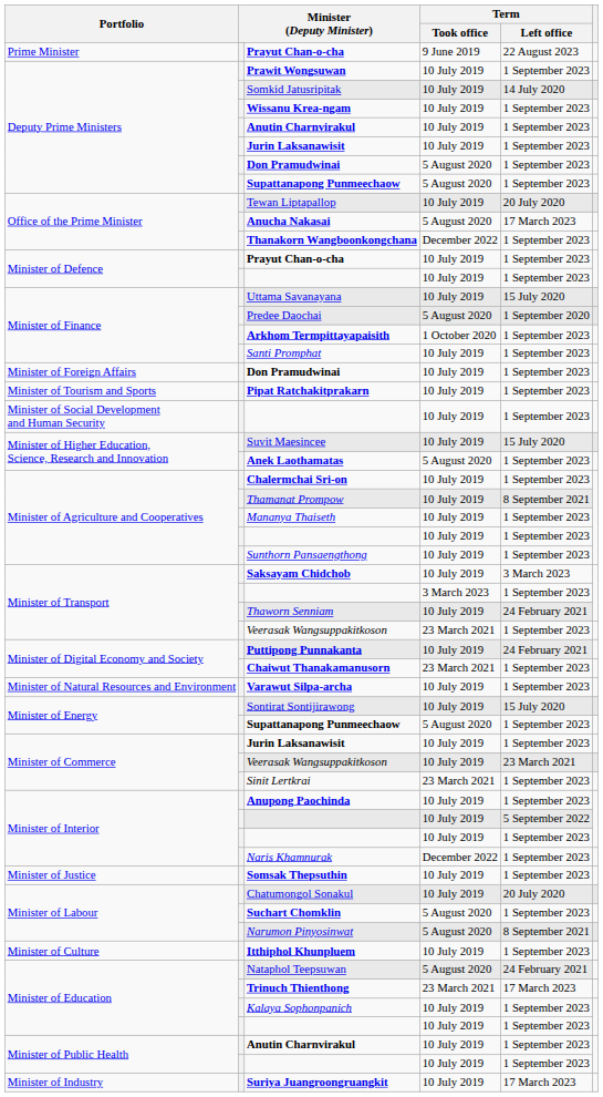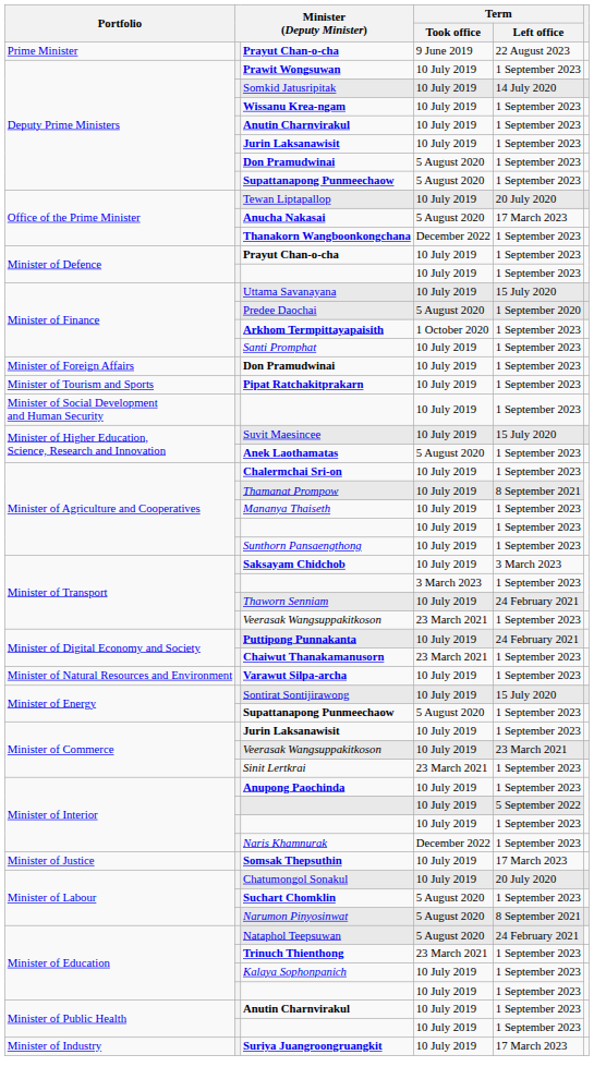 <table class="wikitable">
 <tr>
 <th rowspan="2">Portfolio</th>
 <th rowspan="2" colspan="2">Minister<br>(<em>Deputy Minister</em>)</th>
 <th colspan="2">Term</th>
 <th rowspan="2"></th>
 </tr>
 <tr>
 <th>Took office</th>
 <th>Left office</th>
 </tr>
 <tr>
 <td><a href='#'>Prime Minister</a></td>
 <th style="background-color: "></th>
 <td><strong><a href='#'>Prayut Chan-o-cha</a></strong></td>
 <td>9 June 2019</td>
 <td>22 August 2023 </td>
 <td style="text-align: center;"></td>
 </tr>
 <tr>
 <td rowspan="7"><a href='#'>Deputy Prime Ministers</a></td>
 <th style="background-color: "></th>
 <td><strong><a href='#'>Prawit Wongsuwan</a></strong></td>
 <td>10 July 2019</td>
 <td>1 September 2023</td>
 <td style="text-align: center;"></td>
 </tr>
 <tr>
 <th style="background-color: "></th>
 <td style="background-color: #E9E9E9"><a href='#'>Somkid Jatusripitak</a></td>
 <td style="background-color: #E9E9E9">10 July 2019</td>
 <td style="background-color: #E9E9E9">14 July 2020</td>
 <td style="background-color: #E9E9E9; text-align: center;"></td>
 </tr>
 <tr>
 <th style="background-color: "></th>
 <td><strong><a href='#'>Wissanu Krea-ngam</a></strong></td>
 <td>10 July 2019</td>
 <td>1 September 2023</td>
 <td style="text-align: center;"></td>
 </tr>
 <tr>
 <th style="background-color: "></th>
 <td><strong><a href='#'>Anutin Charnvirakul</a></strong></td>
 <td>10 July 2019</td>
 <td>1 September 2023</td>
 <td style="text-align: center;"></td>
 </tr>
 <tr>
 <th style="background-color: "></th>
 <td><strong><a href='#'>Jurin Laksanawisit</a></strong></td>
 <td>10 July 2019</td>
 <td>1 September 2023</td>
 <td style="text-align: center;"></td>
 </tr>
 <tr>
 <th style="background-color: "></th>
 <td><strong><a href='#'>Don Pramudwinai</a></strong></td>
 <td>5 August 2020</td>
 <td>1 September 2023</td>
 <td style="text-align: center;"></td>
 </tr>
 <tr>
 <th style="background-color: "></th>
 <td><strong><a href='#'>Supattanapong Punmeechaow</a></strong></td>
 <td>5 August 2020</td>
 <td>1 September 2023</td>
 <td style="text-align: center;"></td>
 </tr>
 <tr>
 <td rowspan="3"><a href='#'>Office of the Prime Minister</a></td>
 <th style="background-color: "></th>
 <td style="background-color: #E9E9E9"><a href='#'>Tewan Liptapallop</a></td>
 <td style="background-color: #E9E9E9">10 July 2019</td>
 <td style="background-color: #E9E9E9">20 July 2020</td>
 <td style="background-color: #E9E9E9; text-align: center;"></td>
 </tr>
 <tr>
 <th style="background-color: "></th>
 <td><strong><a href='#'>Anucha Nakasai</a></strong></td>
 <td>5 August 2020</td>
 <td>17 March 2023</td>
 <td style="text-align: center;"></td>
 </tr>
 <tr>
 <th style="background-color: "></th>
 <td><strong><a href='#'>Thanakorn Wangboonkongchana</a></strong></td>
 <td>December 2022</td>
 <td>1 September 2023</td>
 <td style="text-align: center;"></td>
 </tr>
 <tr>
 <td rowspan="2"><a href='#'>Minister of Defence</a></td>
 <th style="background-color: "></th>
 <td><strong>Prayut Chan-o-cha</strong></td>
 <td>10 July 2019</td>
 <td>1 September 2023</td>
 <td rowspan="2" style="text-align: center;"></td>
 </tr>
 <tr>
 <th style="background-color: "></th>
 <td><em></em></td>
 <td>10 July 2019</td>
 <td>1 September 2023</td>
 </tr>
 <tr>
 <td rowspan="4"><a href='#'>Minister of Finance</a></td>
 <th style="background-color: "></th>
 <td style="background-color: #E9E9E9"><a href='#'>Uttama Savanayana</a></td>
 <td style="background-color: #E9E9E9">10 July 2019</td>
 <td style="background-color: #E9E9E9">15 July 2020</td>
 <td style="background-color: #E9E9E9; text-align: center;"></td>
 </tr>
 <tr>
 <th style="background-color: "></th>
 <td style="background-color: #E9E9E9"><a href='#'>Predee Daochai</a></td>
 <td style="background-color: #E9E9E9">5 August 2020</td>
 <td style="background-color: #E9E9E9">1 September 2020</td>
 <td style="background-color: #E9E9E9; text-align: center;"></td>
 </tr>
 <tr>
 <th style="background-color: "></th>
 <td><strong><a href='#'>Arkhom Termpittayapaisith</a></strong></td>
 <td>1 October 2020</td>
 <td>1 September 2023</td>
 <td style="text-align: center;"></td>
 </tr>
 <tr>
 <th style="background-color: "></th>
 <td><em><a href='#'>Santi Promphat</a></em></td>
 <td>10 July 2019</td>
 <td>1 September 2023</td>
 <td style="text-align: center;"></td>
 </tr>
 <tr>
 <td><a href='#'>Minister of Foreign Affairs</a></td>
 <th style="background-color: "></th>
 <td><strong>Don Pramudwinai</strong></td>
 <td>10 July 2019</td>
 <td>1 September 2023</td>
 <td style="text-align: center;"></td>
 </tr>
 <tr>
 <td><a href='#'>Minister of Tourism and Sports</a></td>
 <th style="background-color: "></th>
 <td><strong><a href='#'>Pipat Ratchakitprakarn</a></strong></td>
 <td>10 July 2019</td>
 <td>1 September 2023</td>
 <td style="text-align: center;"></td>
 </tr>
 <tr>
 <td><a href='#'>Minister of Social Development<br>and Human Security</a></td>
 <th style="background-color: "></th>
 <td><strong></strong></td>
 <td>10 July 2019</td>
 <td>1 September 2023</td>
 <td style="text-align: center;"></td>
 </tr>
 <tr>
 <td rowspan="2"><a href='#'>Minister of Higher Education,<br>Science, Research and Innovation</a></td>
 <th style="background-color: "></th>
 <td style="background-color: #E9E9E9"><a href='#'>Suvit Maesincee</a></td>
 <td style="background-color: #E9E9E9">10 July 2019</td>
 <td style="background-color: #E9E9E9">15 July 2020</td>
 <td style="background-color: #E9E9E9; text-align: center;"></td>
 </tr>
 <tr>
 <th style="background-color: "></th>
 <td><strong><a href='#'>Anek Laothamatas</a></strong></td>
 <td>5 August 2020</td>
 <td>1 September 2023</td>
 <td style="text-align: center;"></td>
 </tr>
 <tr>
 <td rowspan="5"><a href='#'>Minister of Agriculture and Cooperatives</a></td>
 <th style="background-color: "></th>
 <td><strong><a href='#'>Chalermchai Sri-on</a></strong></td>
 <td>10 July 2019</td>
 <td>1 September 2023</td>
 <td rowspan="5" style="text-align: center;"></td>
 </tr>
 <tr>
 <th style="background-color: "></th>
 <td style="background-color: #E9E9E9"><em><a href='#'>Thamanat Prompow</a></em></td>
 <td style="background-color: #E9E9E9">10 July 2019</td>
 <td style="background-color: #E9E9E9">8 September 2021</td>
 </tr>
 <tr>
 <th style="background-color: "></th>
 <td><em><a href='#'>Mananya Thaiseth</a></em></td>
 <td>10 July 2019</td>
 <td>1 September 2023</td>
 </tr>
 <tr>
 <th style="background-color: "></th>
 <td><em></em></td>
 <td>10 July 2019</td>
 <td>1 September 2023</td>
 </tr>
 <tr>
 <th style="background-color: "></th>
 <td><em><a href='#'>Sunthorn Pansaengthong</a></em></td>
 <td>10 July 2019</td>
 <td>1 September 2023</td>
 </tr>
 <tr>
 <td rowspan="4"><a href='#'>Minister of Transport</a></td>
 <th style="background-color: "></th>
 <td><strong><a href='#'>Saksayam Chidchob</a></strong></td>
 <td>10 July 2019</td>
 <td>3 March 2023</td>
 <td rowspan="3" style="text-align: center;"></td>
 </tr>
 <tr>
 <th style="background-color: "></th>
 <td><em></em></td>
 <td>3 March 2023</td>
 <td>1 September 2023</td>
 </tr>
 <tr>
 <th style="background-color: "></th>
 <td style="background-color: #E9E9E9"><em><a href='#'>Thaworn Senniam</a></em></td>
 <td style="background-color: #E9E9E9">10 July 2019</td>
 <td style="background-color: #E9E9E9">24 February 2021</td>
 </tr>
 <tr>
 <th style="background-color: "></th>
 <td><em>Veerasak Wangsuppakitkoson</em></td>
 <td>23 March 2021</td>
 <td>1 September 2023</td>
 <td style="text-align: center;"></td>
 </tr>
 <tr>
 <td rowspan="2"><a href='#'>Minister of Digital Economy and Society</a></td>
 <th style="background-color: "></th>
 <td style="background-color: #E9E9E9"><strong><a href='#'>Puttipong Punnakanta</a></strong></td>
 <td style="background-color: #E9E9E9">10 July 2019</td>
 <td style="background-color: #E9E9E9">24 February 2021</td>
 <td style="text-align: center;"></td>
 </tr>
 <tr>
 <th style="background-color: "></th>
 <td><strong><a href='#'>Chaiwut Thanakamanusorn</a></strong></td>
 <td>23 March 2021</td>
 <td>1 September 2023</td>
 <td style="text-align: center;"></td>
 </tr>
 <tr>
 <td><a href='#'>Minister of Natural Resources and Environment</a></td>
 <th style="background-color: "></th>
 <td><strong><a href='#'>Varawut Silpa-archa</a></strong></td>
 <td>10 July 2019</td>
 <td>1 September 2023</td>
 <td style="text-align: center;"></td>
 </tr>
 <tr>
 <td rowspan="2"><a href='#'>Minister of Energy</a></td>
 <th style="background-color: "></th>
 <td style="background-color: #E9E9E9"><a href='#'>Sontirat Sontijirawong</a></td>
 <td style="background-color: #E9E9E9">10 July 2019</td>
 <td style="background-color: #E9E9E9">15 July 2020</td>
 <td style="background-color: #E9E9E9; text-align: center;"></td>
 </tr>
 <tr>
 <th style="background-color: "></th>
 <td><strong>Supattanapong Punmeechaow</strong></td>
 <td>5 August 2020</td>
 <td>1 September 2023</td>
 <td style="text-align: center;"></td>
 </tr>
 <tr>
 <td rowspan="3"><a href='#'>Minister of Commerce</a></td>
 <th style="background-color: "></th>
 <td><strong>Jurin Laksanawisit</strong></td>
 <td>10 July 2019</td>
 <td>1 September 2023</td>
 <td rowspan="1" style="text-align: center;"></td>
 </tr>
 <tr>
 <th style="background-color: "></th>
 <td style="background-color: #E9E9E9"><em>Veerasak Wangsuppakitkoson</em></td>
 <td style="background-color: #E9E9E9">10 July 2019</td>
 <td style="background-color: #E9E9E9">23 March 2021</td>
 <td style="background-color: #E9E9E9" style="text-align: center;"></td>
 </tr>
 <tr>
 <th style="background-color: "></th>
 <td><em>Sinit Lertkrai</em></td>
 <td>23 March 2021</td>
 <td>1 September 2023</td>
 <td style="text-align: center;"></td>
 </tr>
 <tr>
 <td rowspan="4"><a href='#'>Minister of Interior</a></td>
 <th style="background-color: "></th>
 <td><strong><a href='#'>Anupong Paochinda</a></strong></td>
 <td>10 July 2019</td>
 <td>1 September 2023</td>
 <td rowspan="3" style="text-align: center;"></td>
 </tr>
 <tr>
 <th style="background-color: "></th>
 <td style="background-color: #E9E9E9"><em></em></td>
 <td style="background-color: #E9E9E9">10 July 2019</td>
 <td style="background-color: #E9E9E9">5 September 2022</td>
 </tr>
 <tr>
 <th style="background-color: "></th>
 <td><em></em></td>
 <td>10 July 2019</td>
 <td>1 September 2023</td>
 </tr>
 <tr>
 <th style="background-color: "></th>
 <td><em><a href='#'>Naris Khamnurak</a></em></td>
 <td>December 2022</td>
 <td>1 September 2023</td>
 <td></td>
 </tr>
 <tr>
 <td><a href='#'>Minister of Justice</a></td>
 <th style="background-color: "></th>
 <td><strong><a href='#'>Somsak Thepsuthin</a></strong></td>
 <td>10 July 2019</td>
-<td>1 September 2023</td>
+<td>17 March 2023</td>
 <td style="text-align: center;"></td>
 </tr>
 <tr>
 <td rowspan="3"><a href='#'>Minister of Labour</a></td>
 <th style="background-color: "></th>
 <td style="background-color: #E9E9E9"><a href='#'>Chatumongol Sonakul</a></td>
 <td style="background-color: #E9E9E9">10 July 2019</td>
 <td style="background-color: #E9E9E9">20 July 2020</td>
 <td style="background-color: #E9E9E9; text-align: center;"></td>
 </tr>
 <tr>
 <th style="background-color: "></th>
 <td><strong><a href='#'>Suchart Chomklin</a></strong></td>
 <td>5 August 2020</td>
 <td>1 September 2023</td>
 <td style="text-align: center;"></td>
 </tr>
 <tr>
 <th style="background-color: "></th>
 <td style="background-color: #E9E9E9"><em><a href='#'>Narumon Pinyosinwat</a></em></td>
 <td style="background-color: #E9E9E9">5 August 2020</td>
 <td style="background-color: #E9E9E9">8 September 2021</td>
 <td style="background-color: #E9E9E9" style="text-align: center;"></td>
 </tr>
 <tr>
-<td><a href='#'>Minister of Culture</a></td>
-<th style="background-color: "></th>
-<td><strong><a href='#'>Itthiphol Khunpluem</a></strong></td>
-<td>10 July 2019</td>
-<td>1 September 2023</td>
-<td style="text-align: center;"></td>
-</tr>
-<tr>
 <td rowspan="4"><a href='#'>Minister of Education</a></td>
 <th style="background-color: "></th>
 <td style="background-color: #E9E9E9"><a href='#'>Nataphol Teepsuwan</a></td>
 <td style="background-color: #E9E9E9">5 August 2020</td>
 <td style="background-color: #E9E9E9">24 February 2021</td>
 <td style="text-align: center;"></td>
 </tr>
 <tr>
 <th style="background-color: "></th>
 <td><strong><a href='#'>Trinuch Thienthong</a></strong></td>
 <td>23 March 2021</td>
-<td>17 March 2023</td>
+<td>1 September 2023</td>
 <td style="text-align: center;"></td>
 </tr>
 <tr>
 <th style="background-color: "></th>
 <td><em><a href='#'>Kalaya Sophonpanich</a></em></td>
 <td>10 July 2019</td>
 <td>1 September 2023</td>
 <td rowspan="2" style="text-align: center;"></td>
 </tr>
 <tr>
 <th style="background-color: "></th>
 <td><em></em></td>
 <td>10 July 2019</td>
 <td>1 September 2023</td>
 </tr>
 <tr>
 <td rowspan="2"><a href='#'>Minister of Public Health</a></td>
 <th style="background-color: "></th>
 <td><strong>Anutin Charnvirakul</strong></td>
 <td>10 July 2019</td>
 <td>1 September 2023</td>
 <td rowspan="2" style="text-align: center;"></td>
 </tr>
 <tr>
 <th style="background-color: "></th>
 <td><em></em></td>
 <td>10 July 2019</td>
 <td>1 September 2023</td>
 </tr>
 <tr>
 <td><a href='#'>Minister of Industry</a></td>
 <th style="background-color: "></th>
 <td><strong><a href='#'>Suriya Juangroongruangkit</a></strong></td>
 <td>10 July 2019</td>
 <td>17 March 2023</td>
 <td style="text-align: center;"></td>
 </tr>
 </table>
